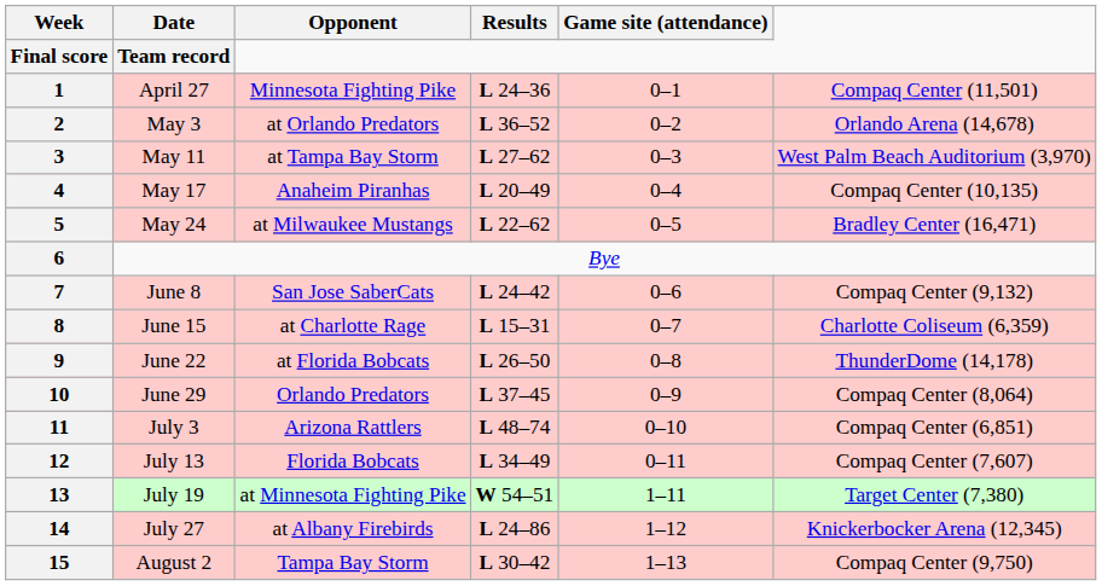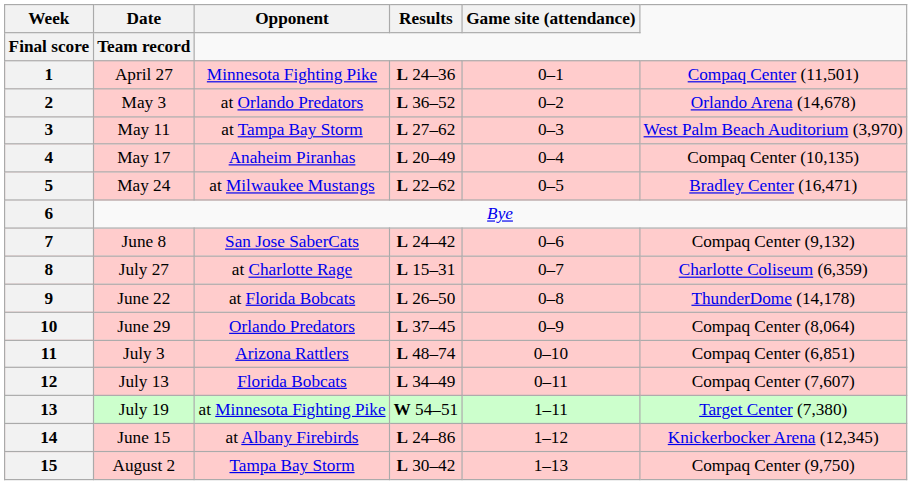 <table class="wikitable" style="font-size: 92%;" "align=center">
 <tr>
 <th>Week</th>
 <th>Date</th>
 <th>Opponent</th>
 <th>Results</th>
 <th>Game site (attendance)</th>
 </tr>
 <tr>
 <th>Final score</th>
 <th>Team record</th>
 </tr>
 <tr style="background:#fcc">
 <th>1</th>
 <td style="text-align:center;">April 27</td>
 <td style="text-align:center;"><a href='#'>Minnesota Fighting Pike</a></td>
 <td style="text-align:center;"><strong>L</strong> 24–36</td>
 <td style="text-align:center;">0–1</td>
 <td style="text-align:center;"><a href='#'>Compaq Center</a> (11,501)</td>
 </tr>
 <tr style="background:#fcc">
 <th>2</th>
 <td style="text-align:center;">May 3</td>
 <td style="text-align:center;">at <a href='#'>Orlando Predators</a></td>
 <td style="text-align:center;"><strong>L</strong> 36–52</td>
 <td style="text-align:center;">0–2</td>
 <td style="text-align:center;"><a href='#'>Orlando Arena</a> (14,678)</td>
 </tr>
 <tr style="background:#fcc">
 <th>3</th>
 <td style="text-align:center;">May 11</td>
 <td style="text-align:center;">at <a href='#'>Tampa Bay Storm</a></td>
 <td style="text-align:center;"><strong>L</strong> 27–62</td>
 <td style="text-align:center;">0–3</td>
 <td style="text-align:center;"><a href='#'>West Palm Beach Auditorium</a> (3,970)</td>
 </tr>
 <tr style="background:#fcc">
 <th>4</th>
 <td style="text-align:center;">May 17</td>
 <td style="text-align:center;"><a href='#'>Anaheim Piranhas</a></td>
 <td style="text-align:center;"><strong>L</strong> 20–49</td>
 <td style="text-align:center;">0–4</td>
 <td style="text-align:center;">Compaq Center (10,135)</td>
 </tr>
 <tr style="background:#fcc">
 <th>5</th>
 <td style="text-align:center;">May 24</td>
 <td style="text-align:center;">at <a href='#'>Milwaukee Mustangs</a></td>
 <td style="text-align:center;"><strong>L</strong> 22–62</td>
 <td style="text-align:center;">0–5</td>
 <td style="text-align:center;"><a href='#'>Bradley Center</a> (16,471)</td>
 </tr>
 <tr style=>
 <th>6</th>
 <td colspan="8" style="text-align:center;"><em><a href='#'>Bye</a></em></td>
 </tr>
 <tr style="background:#fcc">
 <th>7</th>
 <td style="text-align:center;">June 8</td>
 <td style="text-align:center;"><a href='#'>San Jose SaberCats</a></td>
 <td style="text-align:center;"><strong>L</strong> 24–42</td>
 <td style="text-align:center;">0–6</td>
 <td style="text-align:center;">Compaq Center (9,132)</td>
 </tr>
 <tr style="background:#fcc">
 <th>8</th>
-<td style="text-align:center;">June 15</td>
+<td style="text-align:center;">July 27</td>
 <td style="text-align:center;">at <a href='#'>Charlotte Rage</a></td>
 <td style="text-align:center;"><strong>L</strong> 15–31</td>
 <td style="text-align:center;">0–7</td>
 <td style="text-align:center;"><a href='#'>Charlotte Coliseum</a> (6,359)</td>
 </tr>
 <tr style="background:#fcc">
 <th>9</th>
 <td style="text-align:center;">June 22</td>
 <td style="text-align:center;">at <a href='#'>Florida Bobcats</a></td>
 <td style="text-align:center;"><strong>L</strong> 26–50</td>
 <td style="text-align:center;">0–8</td>
 <td style="text-align:center;"><a href='#'>ThunderDome</a> (14,178)</td>
 </tr>
 <tr style="background:#fcc">
 <th>10</th>
 <td style="text-align:center;">June 29</td>
 <td style="text-align:center;"><a href='#'>Orlando Predators</a></td>
 <td style="text-align:center;"><strong>L</strong> 37–45</td>
 <td style="text-align:center;">0–9</td>
 <td style="text-align:center;">Compaq Center (8,064)</td>
 </tr>
 <tr style="background:#fcc">
 <th>11</th>
 <td style="text-align:center;">July 3</td>
 <td style="text-align:center;"><a href='#'>Arizona Rattlers</a></td>
 <td style="text-align:center;"><strong>L</strong> 48–74</td>
 <td style="text-align:center;">0–10</td>
 <td style="text-align:center;">Compaq Center (6,851)</td>
 </tr>
 <tr style="background:#fcc">
 <th>12</th>
 <td style="text-align:center;">July 13</td>
 <td style="text-align:center;"><a href='#'>Florida Bobcats</a></td>
 <td style="text-align:center;"><strong>L</strong> 34–49</td>
 <td style="text-align:center;">0–11</td>
 <td style="text-align:center;">Compaq Center (7,607)</td>
 </tr>
 <tr style="background:#cfc">
 <th>13</th>
 <td style="text-align:center;">July 19</td>
 <td style="text-align:center;">at <a href='#'>Minnesota Fighting Pike</a></td>
 <td style="text-align:center;"><strong>W</strong> 54–51</td>
 <td style="text-align:center;">1–11</td>
 <td style="text-align:center;"><a href='#'>Target Center</a> (7,380)</td>
 </tr>
 <tr style="background:#fcc">
 <th>14</th>
-<td style="text-align:center;">July 27</td>
+<td style="text-align:center;">June 15</td>
 <td style="text-align:center;">at <a href='#'>Albany Firebirds</a></td>
 <td style="text-align:center;"><strong>L</strong> 24–86</td>
 <td style="text-align:center;">1–12</td>
 <td style="text-align:center;"><a href='#'>Knickerbocker Arena</a> (12,345)</td>
 </tr>
 <tr style="background:#fcc">
 <th>15</th>
 <td style="text-align:center;">August 2</td>
 <td style="text-align:center;"><a href='#'>Tampa Bay Storm</a></td>
 <td style="text-align:center;"><strong>L</strong> 30–42</td>
 <td style="text-align:center;">1–13</td>
 <td style="text-align:center;">Compaq Center (9,750)</td>
 </tr>
 </table>
